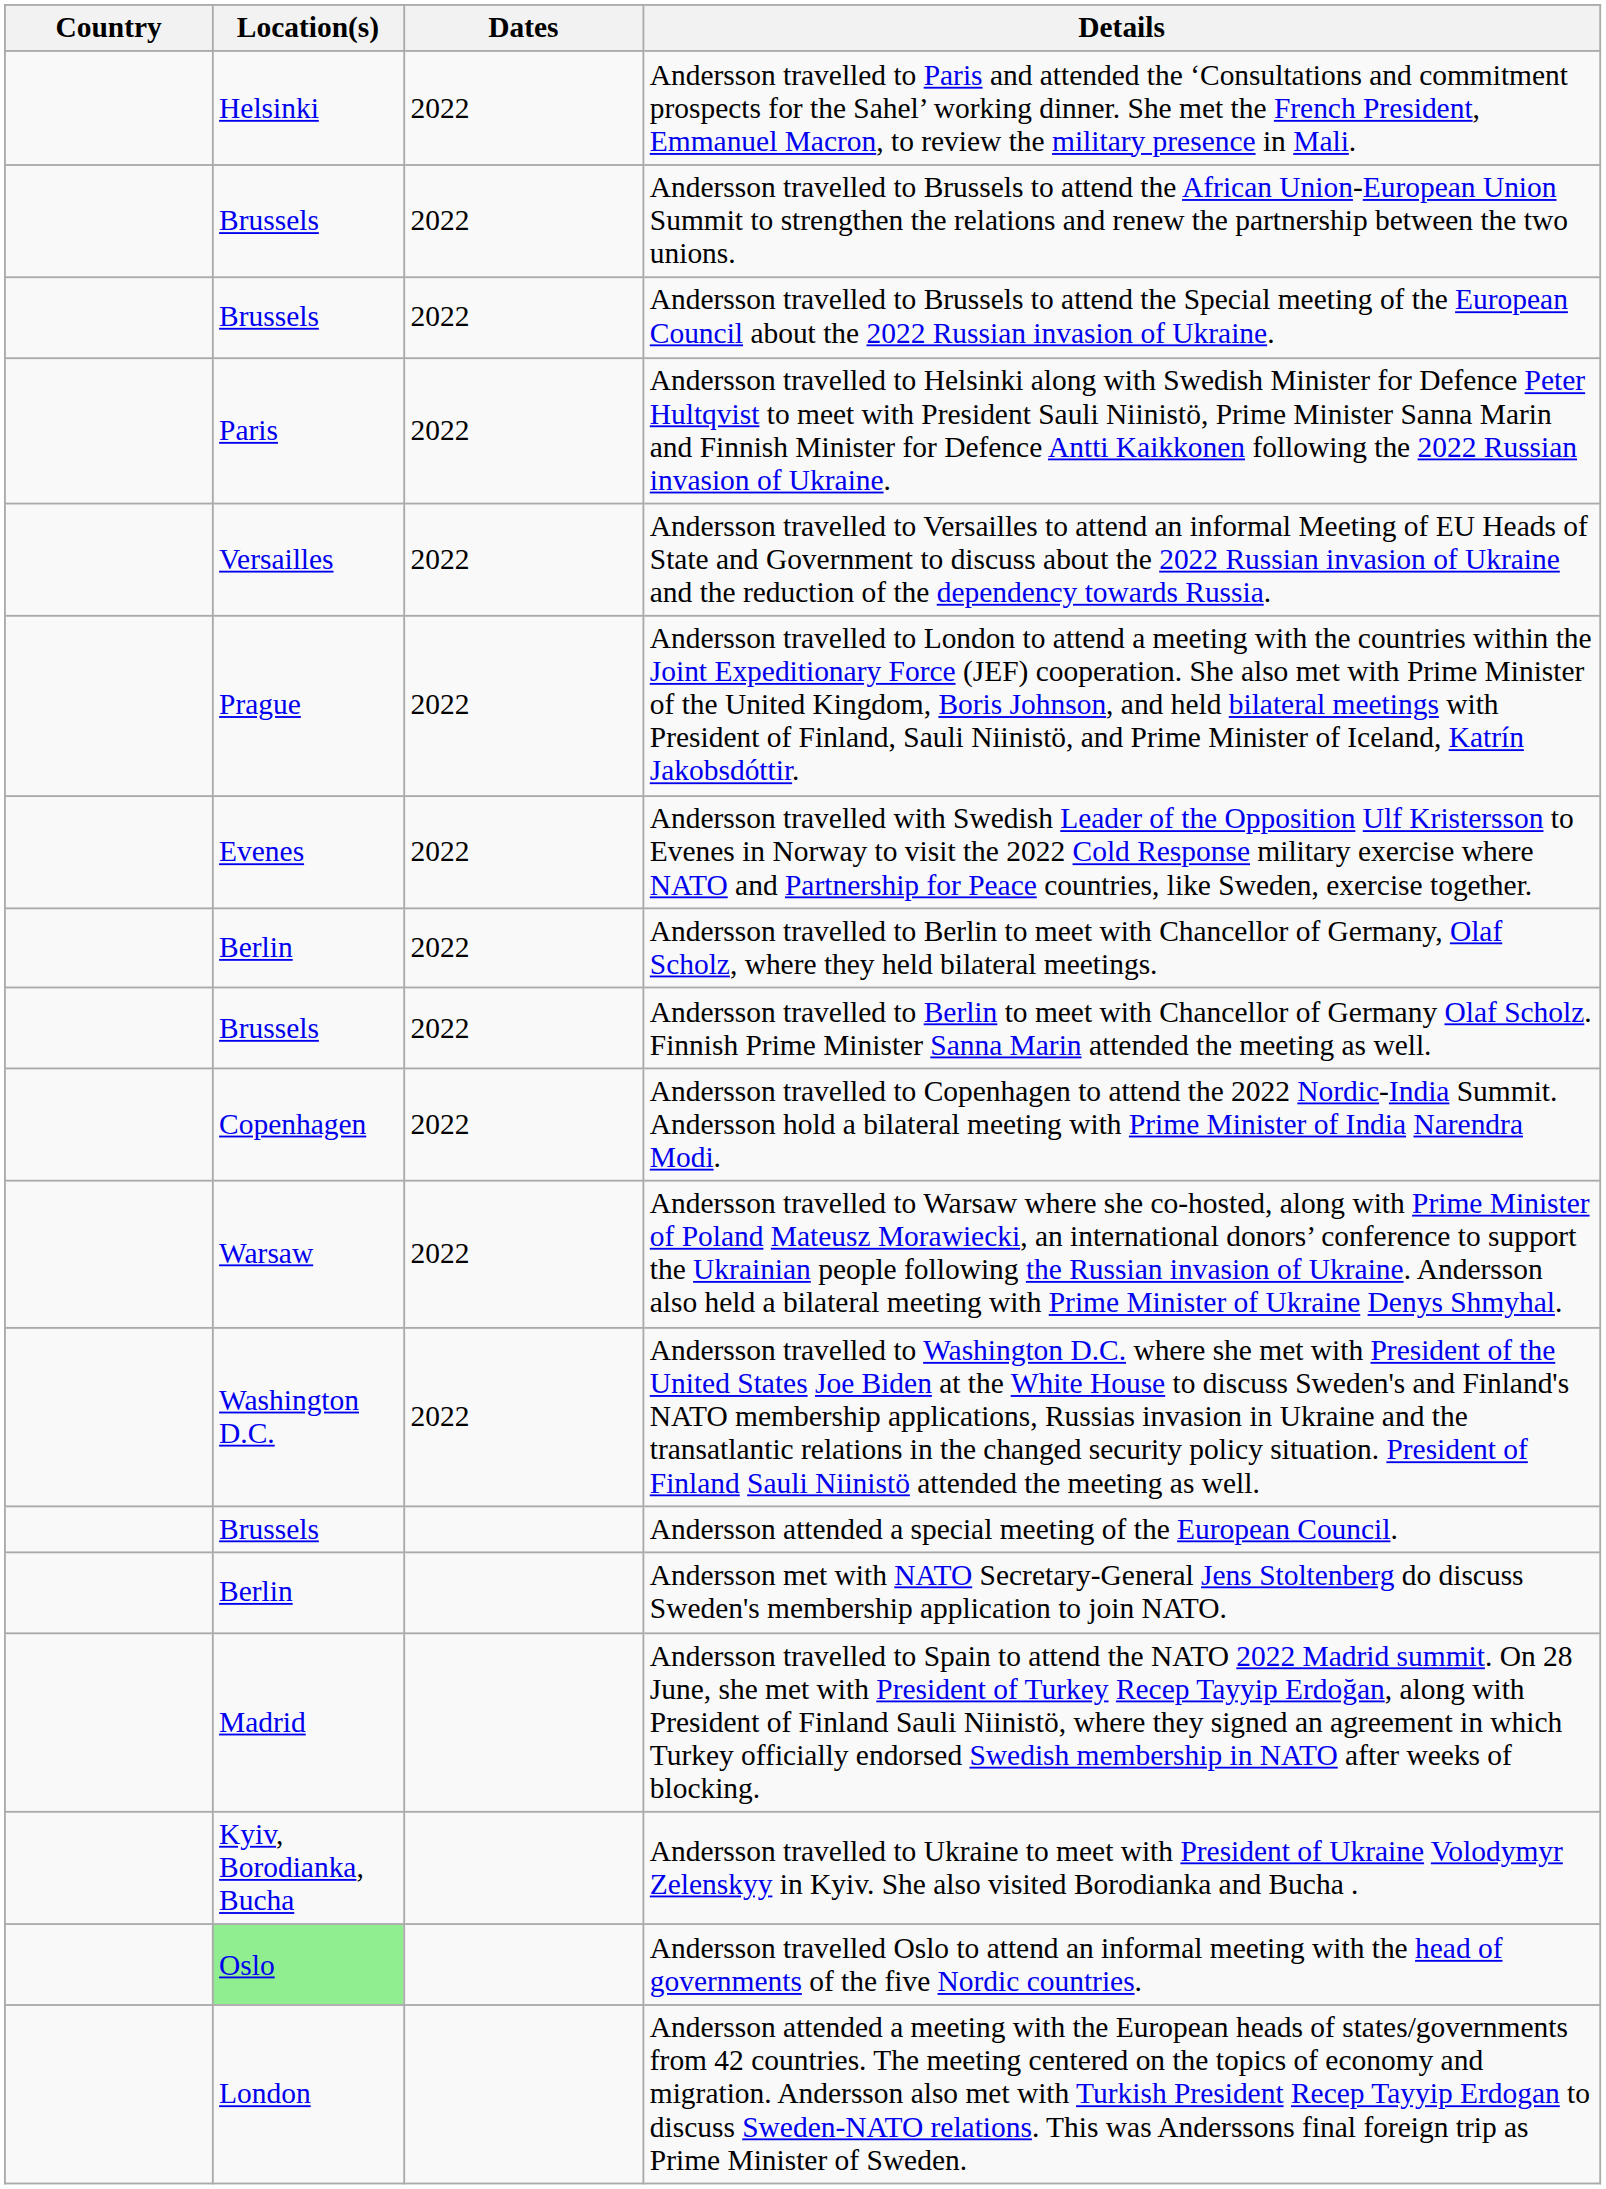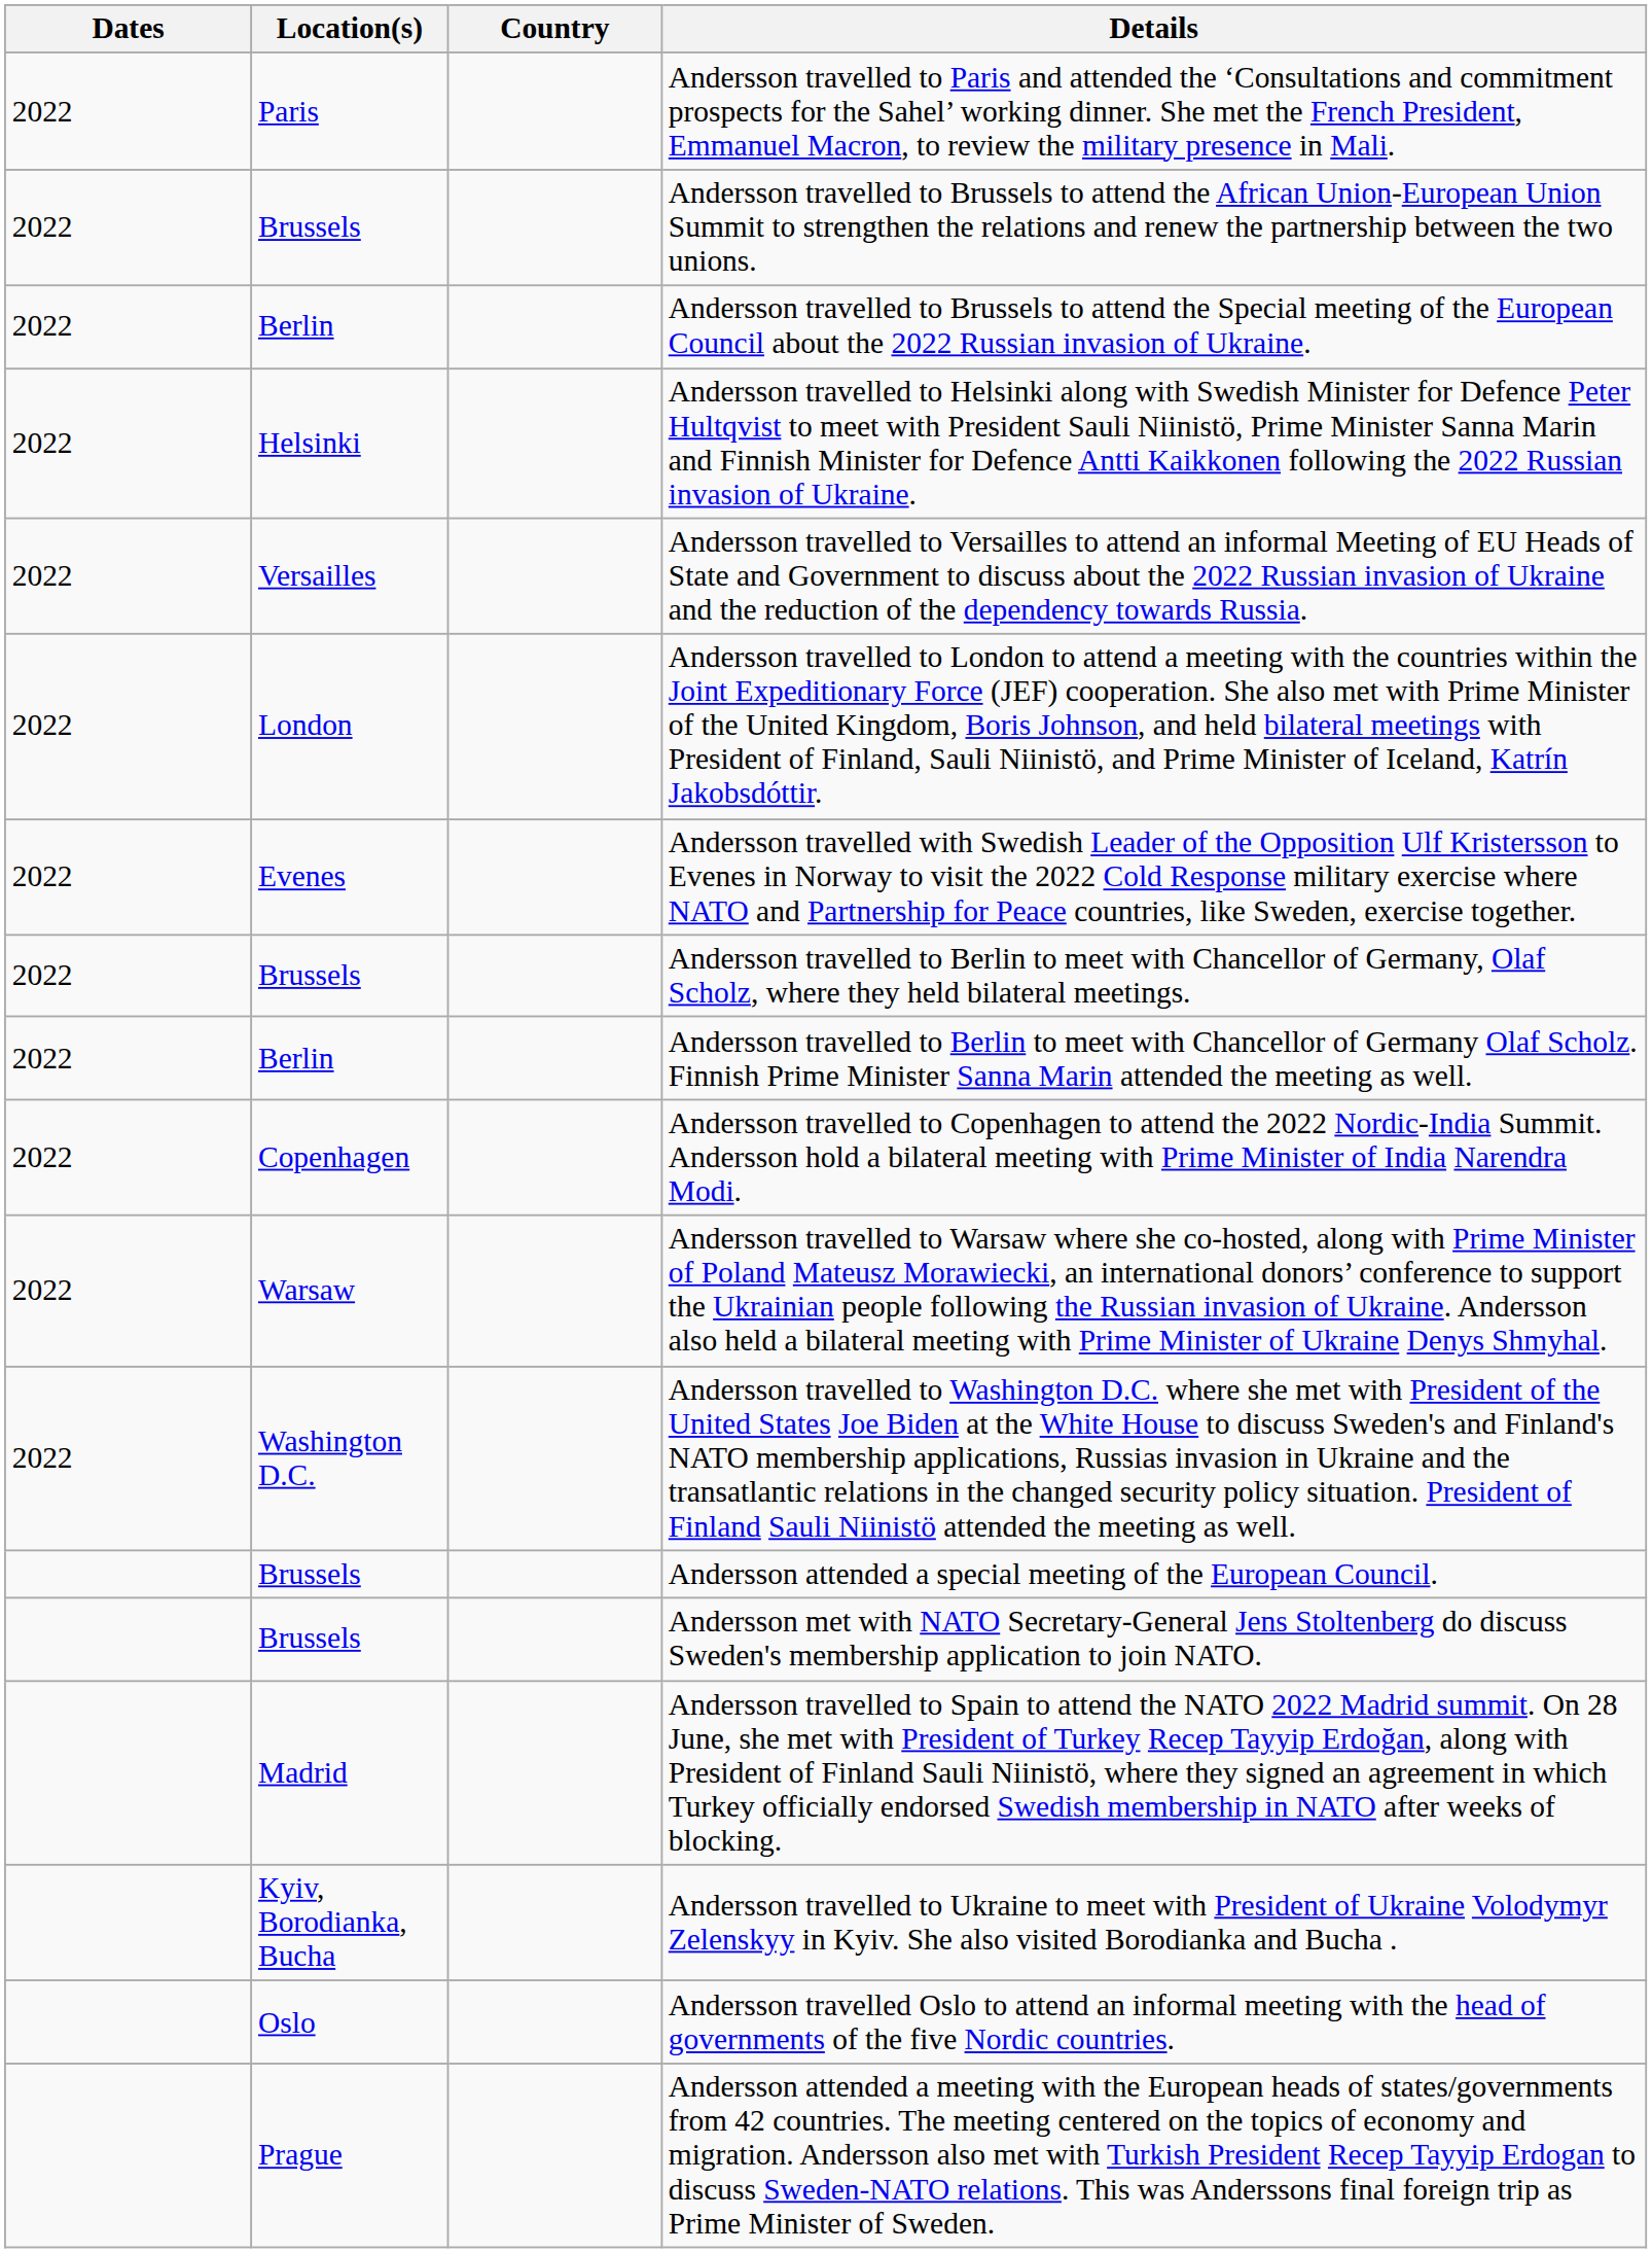 <table class="wikitable sortable" border="1">
 <tr>
+<th style="width: 15%;">Dates</th>
+<th style="width: 12%;">Location(s)</th>
 <th style="width: 13%;">Country</th>
-<th style="width: 12%;">Location(s)</th>
-<th style="width: 15%;">Dates</th>
 <th style="width: 60%;" class="unsortable">Details</th>
 </tr>
 <tr>
+<td> 2022</td>
+<td><a href='#'>Paris</a></td>
 <td></td>
-<td><a href='#'>Helsinki</a></td>
-<td> 2022</td>
 <td>Andersson travelled to <a href='#'>Paris</a> and attended the ‘Consultations and commitment prospects for the Sahel’ working dinner. She met the <a href='#'>French President</a>, <a href='#'>Emmanuel Macron</a>, to review the <a href='#'>military presence</a> in <a href='#'>Mali</a>.</td>
 </tr>
 <tr>
+<td> 2022</td>
+<td><a href='#'>Brussels</a></td>
 <td></td>
-<td><a href='#'>Brussels</a></td>
-<td> 2022</td>
 <td>Andersson travelled to Brussels to attend the <a href='#'>African Union</a>-<a href='#'>European Union</a> Summit to strengthen the relations and renew the partnership between the two unions.</td>
 </tr>
 <tr>
+<td> 2022</td>
+<td><a href='#'>Berlin</a></td>
 <td></td>
-<td><a href='#'>Brussels</a></td>
-<td> 2022</td>
 <td>Andersson travelled to Brussels to attend the Special meeting of the <a href='#'>European Council</a> about the <a href='#'>2022 Russian invasion of Ukraine</a>.</td>
 </tr>
 <tr>
+<td> 2022</td>
+<td><a href='#'>Helsinki</a></td>
 <td></td>
-<td><a href='#'>Paris</a></td>
-<td> 2022</td>
 <td>Andersson travelled to Helsinki along with Swedish Minister for Defence <a href='#'>Peter Hultqvist</a> to meet with President Sauli Niinistö, Prime Minister Sanna Marin and Finnish Minister for Defence <a href='#'>Antti Kaikkonen</a> following the <a href='#'>2022 Russian invasion of Ukraine</a>.</td>
 </tr>
 <tr>
+<td> 2022</td>
+<td><a href='#'>Versailles</a></td>
 <td></td>
-<td><a href='#'>Versailles</a></td>
-<td> 2022</td>
 <td>Andersson travelled to Versailles to attend an informal Meeting of EU Heads of State and Government to discuss about the <a href='#'>2022 Russian invasion of Ukraine</a> and the reduction of the <a href='#'>dependency towards Russia</a>.</td>
 </tr>
 <tr>
+<td> 2022</td>
+<td><a href='#'>London</a></td>
 <td></td>
-<td><a href='#'>Prague</a></td>
-<td> 2022</td>
 <td>Andersson travelled to London to attend a meeting with the countries within the <a href='#'>Joint Expeditionary Force</a> (JEF) cooperation. She also met with Prime Minister of the United Kingdom, <a href='#'>Boris Johnson</a>, and held <a href='#'>bilateral meetings</a> with President of Finland, Sauli Niinistö, and Prime Minister of Iceland, <a href='#'>Katrín Jakobsdóttir</a>.</td>
 </tr>
 <tr>
+<td> 2022</td>
+<td><a href='#'>Evenes</a></td>
 <td></td>
-<td><a href='#'>Evenes</a></td>
-<td> 2022</td>
 <td>Andersson travelled with Swedish <a href='#'>Leader of the Opposition</a> <a href='#'>Ulf Kristersson</a> to Evenes in Norway to visit the 2022 <a href='#'>Cold Response</a> military exercise where <a href='#'>NATO</a> and <a href='#'>Partnership for Peace</a> countries, like Sweden, exercise together.</td>
 </tr>
 <tr>
+<td> 2022</td>
+<td><a href='#'>Brussels</a></td>
 <td></td>
-<td><a href='#'>Berlin</a></td>
-<td> 2022</td>
 <td>Andersson travelled to Berlin to meet with Chancellor of Germany, <a href='#'>Olaf Scholz</a>, where they held bilateral meetings.</td>
 </tr>
 <tr>
+<td> 2022</td>
+<td><a href='#'>Berlin</a></td>
 <td></td>
-<td><a href='#'>Brussels</a></td>
-<td> 2022</td>
 <td>Andersson travelled to <a href='#'>Berlin</a> to meet with Chancellor of Germany <a href='#'>Olaf Scholz</a>. Finnish Prime Minister <a href='#'>Sanna Marin</a> attended the meeting as well.</td>
 </tr>
 <tr>
+<td> 2022</td>
+<td><a href='#'>Copenhagen</a></td>
 <td></td>
-<td><a href='#'>Copenhagen</a></td>
-<td> 2022</td>
 <td>Andersson travelled to Copenhagen to attend the 2022 <a href='#'>Nordic</a>-<a href='#'>India</a> Summit. Andersson hold a bilateral meeting with <a href='#'>Prime Minister of India</a> <a href='#'>Narendra Modi</a>.</td>
 </tr>
 <tr>
+<td> 2022</td>
+<td><a href='#'>Warsaw</a></td>
 <td></td>
-<td><a href='#'>Warsaw</a></td>
-<td> 2022</td>
 <td>Andersson travelled to Warsaw where she co-hosted, along with <a href='#'>Prime Minister of Poland</a> <a href='#'>Mateusz Morawiecki</a>, an international donors’ conference to support the <a href='#'>Ukrainian</a> people following <a href='#'>the Russian invasion of Ukraine</a>. Andersson also held a bilateral meeting with <a href='#'>Prime Minister of Ukraine</a> <a href='#'>Denys Shmyhal</a>.</td>
 </tr>
 <tr>
+<td> 2022</td>
+<td><a href='#'>Washington D.C.</a></td>
 <td></td>
-<td><a href='#'>Washington D.C.</a></td>
-<td> 2022</td>
 <td>Andersson travelled to <a href='#'>Washington D.C.</a> where she met with <a href='#'>President of the United States</a> <a href='#'>Joe Biden</a> at the <a href='#'>White House</a> to discuss Sweden's and Finland's NATO membership applications, Russias invasion in Ukraine and the transatlantic relations in the changed security policy situation. <a href='#'>President of Finland</a> <a href='#'>Sauli Niinistö</a> attended the meeting as well.</td>
 </tr>
 <tr>
 <td></td>
 <td><a href='#'>Brussels</a></td>
 <td></td>
 <td>Andersson attended a special meeting of the <a href='#'>European Council</a>.</td>
 </tr>
 <tr>
 <td></td>
-<td><a href='#'>Berlin</a></td>
+<td><a href='#'>Brussels</a></td>
 <td></td>
 <td>Andersson met with <a href='#'>NATO</a> Secretary-General <a href='#'>Jens Stoltenberg</a> do discuss Sweden's membership application to join NATO.</td>
 </tr>
 <tr>
 <td></td>
 <td><a href='#'>Madrid</a></td>
 <td></td>
 <td>Andersson travelled to Spain to attend the NATO <a href='#'>2022 Madrid summit</a>. On 28 June, she met with <a href='#'>President of Turkey</a> <a href='#'>Recep Tayyip Erdoğan</a>, along with President of Finland Sauli Niinistö, where they signed an agreement in which Turkey officially endorsed <a href='#'>Swedish membership in NATO</a> after weeks of blocking.</td>
 </tr>
 <tr>
 <td></td>
 <td><a href='#'>Kyiv</a>, <a href='#'>Borodianka</a>, <a href='#'>Bucha</a></td>
 <td></td>
 <td>Andersson travelled to Ukraine to meet with <a href='#'>President of Ukraine</a> <a href='#'>Volodymyr Zelenskyy</a> in Kyiv. She also visited Borodianka and Bucha .</td>
 </tr>
 <tr>
 <td></td>
-<td style="background: lightgreen;"><a href='#'>Oslo</a></td>
+<td><a href='#'>Oslo</a></td>
 <td></td>
 <td>Andersson travelled Oslo to attend an informal meeting with the <a href='#'>head of governments</a> of the five <a href='#'>Nordic countries</a>.</td>
 </tr>
 <tr>
 <td></td>
-<td><a href='#'>London</a></td>
+<td><a href='#'>Prague</a></td>
 <td></td>
 <td>Andersson attended a meeting with the European heads of states/governments from 42 countries. The meeting centered on the topics of economy and migration. Andersson also met with <a href='#'>Turkish President</a> <a href='#'>Recep Tayyip Erdogan</a> to discuss <a href='#'>Sweden-NATO relations</a>. This was Anderssons final foreign trip as Prime Minister of Sweden.</td>
 </tr>
 </table>
